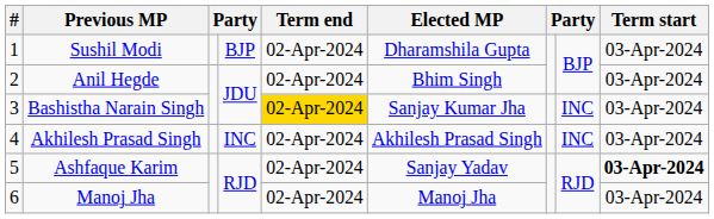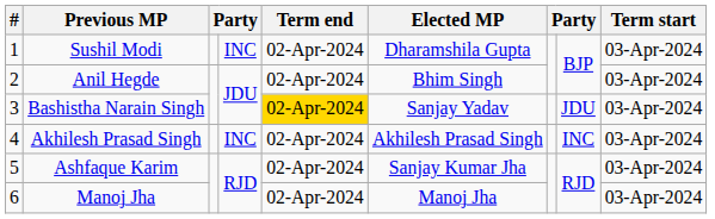 <table class="wikitable" style="text-align:center;">
 <tr>
 <th>#</th>
 <th>Previous MP</th>
 <th colspan="2">Party</th>
 <th>Term end</th>
 <th>Elected MP</th>
 <th colspan="2">Party</th>
 <th>Term start</th>
 </tr>
 <tr>
 <td>1</td>
 <td><a href='#'>Sushil Modi</a></td>
 <td width="1px"></td>
-<td><a href='#'>BJP</a></td>
+<td><a href='#'>INC</a></td>
 <td>02-Apr-2024</td>
 <td><a href='#'>Dharamshila Gupta</a></td>
 <td rowspan=2 style="background-color:"></td>
 <td rowspan="2"><a href='#'>BJP</a></td>
 <td>03-Apr-2024</td>
 </tr>
 <tr>
 <td>2</td>
 <td><a href='#'>Anil Hegde</a></td>
 <td rowspan=2 style="background-color:"></td>
 <td rowspan=2><a href='#'>JDU</a></td>
 <td>02-Apr-2024</td>
 <td><a href='#'>Bhim Singh</a></td>
 <td>03-Apr-2024</td>
 </tr>
 <tr>
 <td>3</td>
 <td><a href='#'>Bashistha Narain Singh</a></td>
 <td style="background: gold;">02-Apr-2024</td>
-<td><a href='#'>Sanjay Kumar Jha</a></td>
+<td><a href='#'>Sanjay Yadav</a></td>
 <td style="background-color:"></td>
-<td><a href='#'>INC</a></td>
+<td><a href='#'>JDU</a></td>
 <td>03-Apr-2024</td>
 </tr>
 <tr>
 <td>4</td>
 <td><a href='#'>Akhilesh Prasad Singh</a></td>
 <td style="background-color:"></td>
 <td><a href='#'>INC</a></td>
 <td>02-Apr-2024</td>
 <td><a href='#'>Akhilesh Prasad Singh</a></td>
 <td style="background-color:"></td>
 <td><a href='#'>INC</a></td>
 <td>03-Apr-2024</td>
 </tr>
 <tr>
 <td>5</td>
 <td><a href='#'>Ashfaque Karim</a></td>
 <td rowspan=2 style="background-color:"></td>
 <td rowspan="2"><a href='#'>RJD</a></td>
 <td>02-Apr-2024</td>
-<td><a href='#'>Sanjay Yadav</a></td>
+<td><a href='#'>Sanjay Kumar Jha</a></td>
 <td rowspan=2 style="background-color:"></td>
 <td rowspan="2"><a href='#'>RJD</a></td>
-<td><strong>03-Apr-2024</strong></td>
+<td>03-Apr-2024</td>
 </tr>
 <tr>
 <td>6</td>
 <td><a href='#'>Manoj Jha</a></td>
 <td>02-Apr-2024</td>
 <td><a href='#'>Manoj Jha</a></td>
 <td>03-Apr-2024</td>
 </tr>
 </table>
